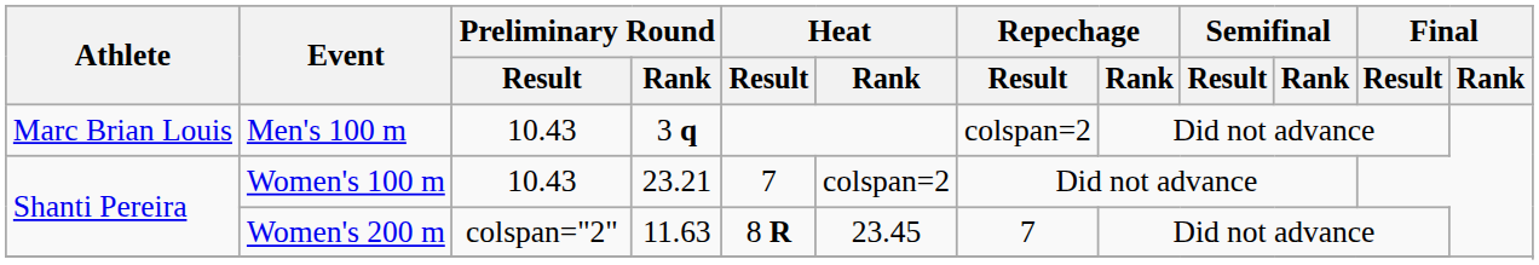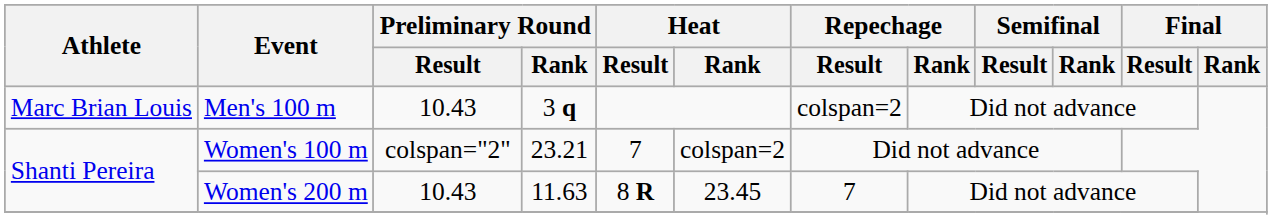 <table class="wikitable" style="font-size:90%">
 <tr>
 <th rowspan="2">Athlete</th>
 <th rowspan="2">Event</th>
 <th colspan="2">Preliminary Round</th>
 <th colspan="2">Heat</th>
 <th colspan="2">Repechage</th>
 <th colspan="2">Semifinal</th>
 <th colspan="2">Final</th>
 </tr>
 <tr style="font-size:95%">
 <th>Result</th>
 <th>Rank</th>
 <th>Result</th>
 <th>Rank</th>
 <th>Result</th>
 <th>Rank</th>
 <th>Result</th>
 <th>Rank</th>
 <th>Result</th>
 <th>Rank</th>
 </tr>
 <tr align=center>
 <td align=left><a href='#'>Marc Brian Louis</a></td>
 <td align=left><a href='#'>Men's 100 m</a></td>
 <td>10.43</td>
 <td>3 <strong>q</strong></td>
 <td colspan=2></td>
 <td>colspan=2 </td>
 <td colspan="4">Did not advance</td>
 </tr>
 <tr align=center>
 <td align=left rowspan=2><a href='#'>Shanti Pereira</a></td>
 <td align=left><a href='#'>Women's 100 m</a></td>
-<td>10.43</td>
+<td>colspan="2" </td>
 <td>23.21</td>
 <td>7</td>
 <td>colspan=2 </td>
 <td colspan="4">Did not advance</td>
 </tr>
 <tr align=center>
 <td align=left><a href='#'>Women's 200 m</a></td>
-<td>colspan="2" </td>
+<td>10.43</td>
 <td>11.63</td>
 <td>8 <strong>R</strong></td>
 <td>23.45</td>
 <td>7</td>
 <td colspan=4>Did not advance</td>
 </tr>
 <tr align=center>
 </tr>
 </table>
